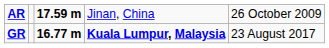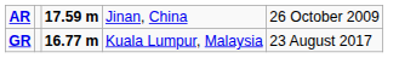 <table class="wikitable" style="font-size:95%; position:relative;">
 <tr>
 <td align=center><strong><a href='#'>AR</a></strong></td>
 <td></td>
 <td><strong>17.59 m</strong></td>
 <td><a href='#'>Jinan</a>, <a href='#'>China</a></td>
 <td>26 October 2009</td>
 </tr>
 <tr>
 <td align=center><strong><a href='#'>GR</a></strong></td>
 <td></td>
 <td><strong>16.77 m</strong></td>
-<td><strong><a href='#'>Kuala Lumpur</a>, <a href='#'>Malaysia</a></strong></td>
+<td><a href='#'>Kuala Lumpur</a>, <a href='#'>Malaysia</a></td>
 <td>23 August 2017</td>
 </tr>
 </table>
